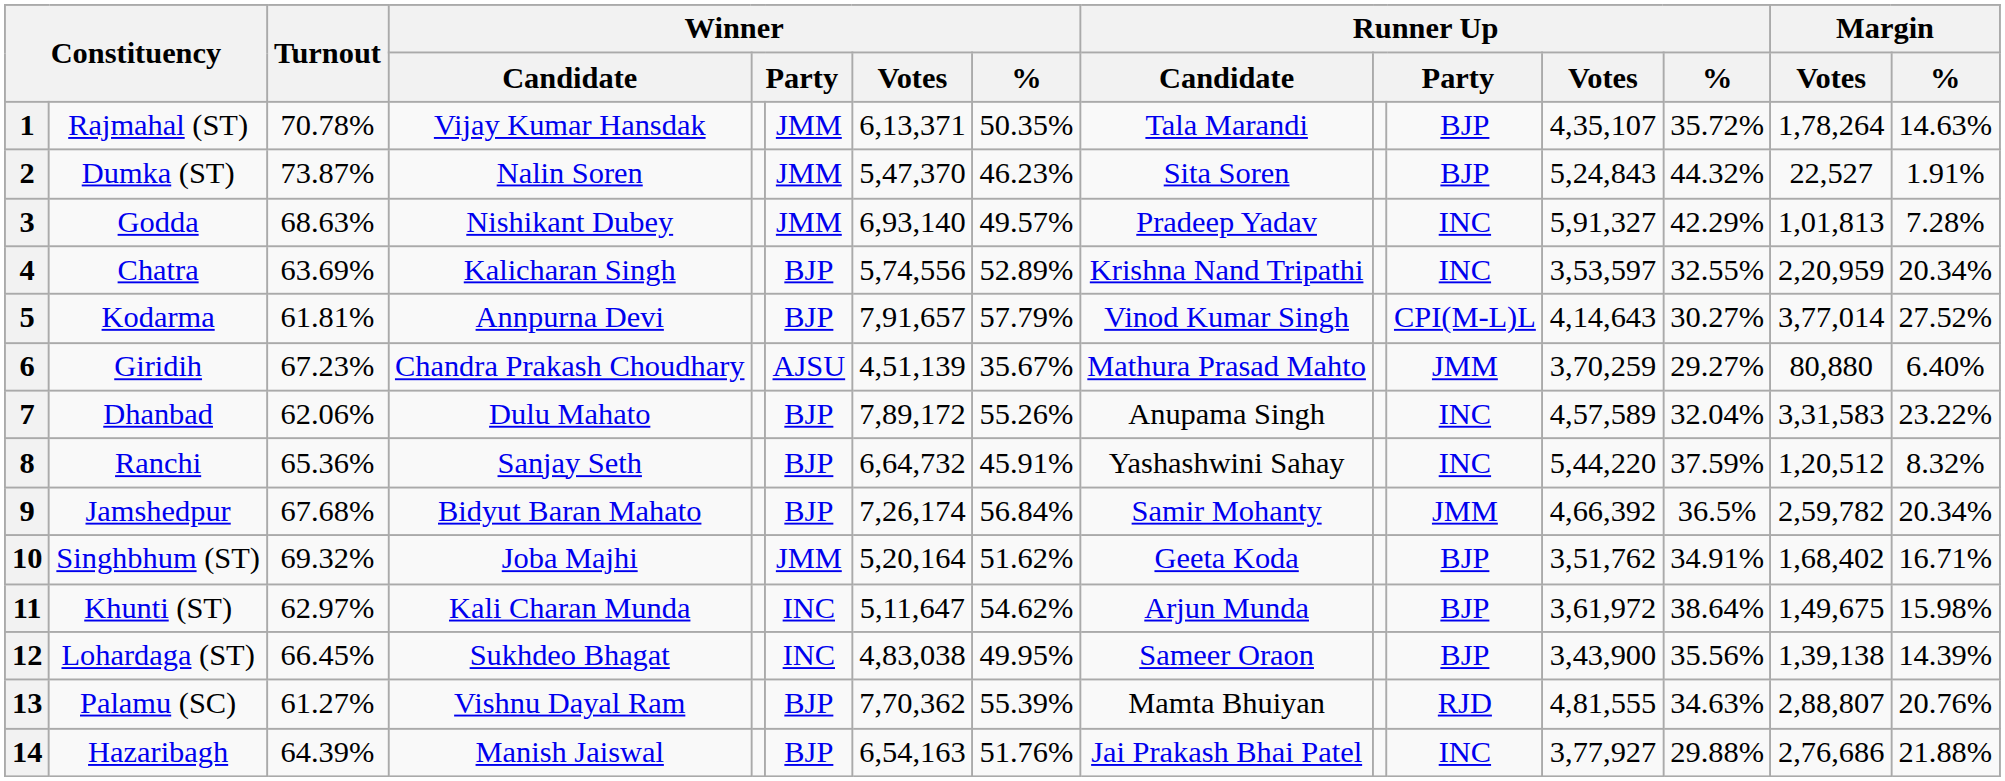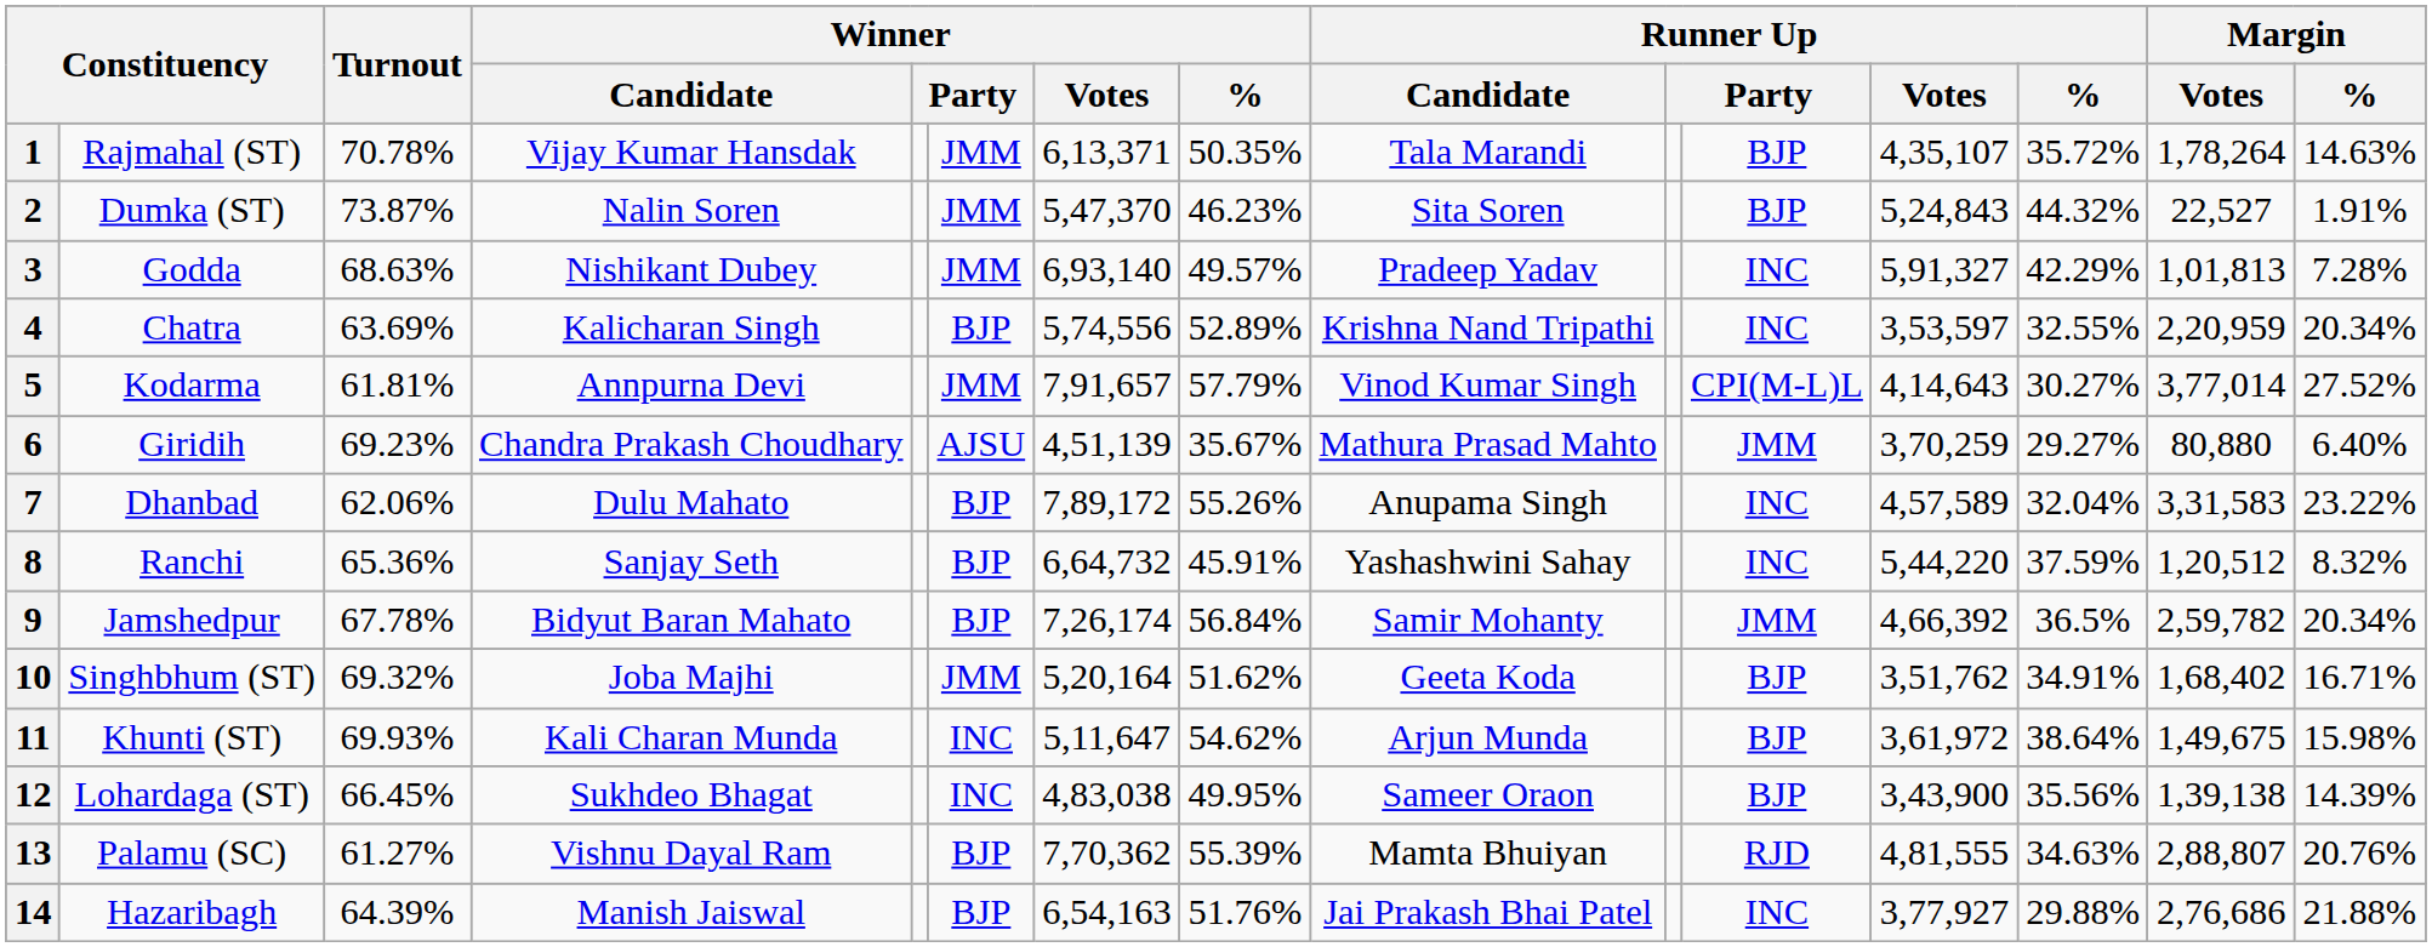 <table class="wikitable sortable" style="text-align:center;">
 <tr>
 <th colspan="2" rowspan="2">Constituency</th>
 <th rowspan="2">Turnout</th>
 <th colspan="5">Winner</th>
 <th colspan="5">Runner Up</th>
 <th colspan="2">Margin</th>
 </tr>
 <tr>
 <th>Candidate</th>
 <th colspan="2">Party</th>
 <th>Votes</th>
 <th>%</th>
 <th>Candidate</th>
 <th colspan="2">Party</th>
 <th>Votes</th>
 <th>%</th>
 <th>Votes</th>
 <th>%</th>
 </tr>
 <tr>
 <th>1</th>
 <td><a href='#'>Rajmahal</a> (ST)</td>
 <td>70.78% </td>
 <td><a href='#'>Vijay Kumar Hansdak</a></td>
 <td></td>
 <td><a href='#'>JMM</a></td>
 <td>6,13,371</td>
 <td>50.35%</td>
 <td><a href='#'>Tala Marandi</a></td>
 <td></td>
 <td><a href='#'>BJP</a></td>
 <td>4,35,107</td>
 <td>35.72%</td>
 <td style="background:">1,78,264</td>
 <td style="background:">14.63%</td>
 </tr>
 <tr>
 <th>2</th>
 <td><a href='#'>Dumka</a> (ST)</td>
 <td>73.87% </td>
 <td><a href='#'>Nalin Soren</a></td>
 <td></td>
 <td><a href='#'>JMM</a></td>
 <td>5,47,370</td>
 <td>46.23%</td>
 <td><a href='#'>Sita Soren</a></td>
 <td></td>
 <td><a href='#'>BJP</a></td>
 <td>5,24,843</td>
 <td>44.32%</td>
 <td style="background:">22,527</td>
 <td style="background:">1.91%</td>
 </tr>
 <tr>
 <th>3</th>
 <td><a href='#'>Godda</a></td>
 <td>68.63% </td>
 <td><a href='#'>Nishikant Dubey</a></td>
 <td></td>
 <td><a href='#'>JMM</a></td>
 <td>6,93,140</td>
 <td>49.57%</td>
 <td><a href='#'>Pradeep Yadav</a></td>
 <td></td>
 <td><a href='#'>INC</a></td>
 <td>5,91,327</td>
 <td>42.29%</td>
 <td style="background:">1,01,813</td>
 <td style="background:">7.28%</td>
 </tr>
 <tr>
 <th>4</th>
 <td><a href='#'>Chatra</a></td>
 <td>63.69%</td>
 <td><a href='#'>Kalicharan Singh</a></td>
 <td></td>
 <td><a href='#'>BJP</a></td>
 <td>5,74,556</td>
 <td>52.89%</td>
 <td><a href='#'>Krishna Nand Tripathi</a></td>
 <td></td>
 <td><a href='#'>INC</a></td>
 <td>3,53,597</td>
 <td>32.55%</td>
 <td style="background:">2,20,959</td>
 <td style="background:">20.34%</td>
 </tr>
 <tr>
 <th>5</th>
 <td><a href='#'>Kodarma</a></td>
 <td>61.81%</td>
 <td><a href='#'>Annpurna Devi</a></td>
 <td></td>
-<td><a href='#'>BJP</a></td>
+<td><a href='#'>JMM</a></td>
 <td>7,91,657</td>
 <td>57.79%</td>
 <td><a href='#'>Vinod Kumar Singh</a></td>
 <td></td>
 <td><a href='#'>CPI(M-L)L</a></td>
 <td>4,14,643</td>
 <td>30.27%</td>
 <td style="background:">3,77,014</td>
 <td style="background:">27.52%</td>
 </tr>
 <tr>
 <th>6</th>
 <td><a href='#'>Giridih</a></td>
-<td>67.23% </td>
+<td>69.23% </td>
 <td><a href='#'>Chandra Prakash Choudhary</a></td>
 <td></td>
 <td><a href='#'>AJSU</a></td>
 <td>4,51,139</td>
 <td>35.67%</td>
 <td><a href='#'>Mathura Prasad Mahto</a></td>
 <td></td>
 <td><a href='#'>JMM</a></td>
 <td>3,70,259</td>
 <td>29.27%</td>
 <td style="background:">80,880</td>
 <td style="background:">6.40%</td>
 </tr>
 <tr>
 <th>7</th>
 <td><a href='#'>Dhanbad</a></td>
 <td>62.06% </td>
 <td><a href='#'>Dulu Mahato</a></td>
 <td></td>
 <td><a href='#'>BJP</a></td>
 <td>7,89,172</td>
 <td>55.26%</td>
 <td>Anupama Singh</td>
 <td></td>
 <td><a href='#'>INC</a></td>
 <td>4,57,589</td>
 <td>32.04%</td>
 <td style="background:">3,31,583</td>
 <td style="background:">23.22%</td>
 </tr>
 <tr>
 <th>8</th>
 <td><a href='#'>Ranchi</a></td>
 <td>65.36% </td>
 <td><a href='#'>Sanjay Seth</a></td>
 <td></td>
 <td><a href='#'>BJP</a></td>
 <td>6,64,732</td>
 <td>45.91%</td>
 <td>Yashashwini Sahay</td>
 <td></td>
 <td><a href='#'>INC</a></td>
 <td>5,44,220</td>
 <td>37.59%</td>
 <td style="background:">1,20,512</td>
 <td style="background:">8.32%</td>
 </tr>
 <tr>
 <th>9</th>
 <td><a href='#'>Jamshedpur</a></td>
-<td>67.68% </td>
+<td>67.78% </td>
 <td><a href='#'>Bidyut Baran Mahato</a></td>
 <td></td>
 <td><a href='#'>BJP</a></td>
 <td>7,26,174</td>
 <td>56.84%</td>
 <td><a href='#'>Samir Mohanty</a></td>
 <td></td>
 <td><a href='#'>JMM</a></td>
 <td>4,66,392</td>
 <td>36.5%</td>
 <td style="background:">2,59,782</td>
 <td style="background:">20.34%</td>
 </tr>
 <tr>
 <th>10</th>
 <td><a href='#'>Singhbhum</a> (ST)</td>
 <td>69.32% </td>
 <td><a href='#'>Joba Majhi</a></td>
 <td></td>
 <td><a href='#'>JMM</a></td>
 <td>5,20,164</td>
 <td>51.62%</td>
 <td><a href='#'>Geeta Koda</a></td>
 <td></td>
 <td><a href='#'>BJP</a></td>
 <td>3,51,762</td>
 <td>34.91%</td>
 <td style="background:">1,68,402</td>
 <td style="background:">16.71%</td>
 </tr>
 <tr>
 <th>11</th>
 <td><a href='#'>Khunti</a> (ST)</td>
-<td>62.97% </td>
+<td>69.93% </td>
 <td><a href='#'>Kali Charan Munda</a></td>
 <td></td>
 <td><a href='#'>INC</a></td>
 <td>5,11,647</td>
 <td>54.62%</td>
 <td><a href='#'>Arjun Munda</a></td>
 <td></td>
 <td><a href='#'>BJP</a></td>
 <td>3,61,972</td>
 <td>38.64%</td>
 <td style="background:">1,49,675</td>
 <td style="background:">15.98%</td>
 </tr>
 <tr>
 <th>12</th>
 <td><a href='#'>Lohardaga</a> (ST)</td>
 <td>66.45% </td>
 <td><a href='#'>Sukhdeo Bhagat</a></td>
 <td></td>
 <td><a href='#'>INC</a></td>
 <td>4,83,038</td>
 <td>49.95%</td>
 <td><a href='#'>Sameer Oraon</a></td>
 <td></td>
 <td><a href='#'>BJP</a></td>
 <td>3,43,900</td>
 <td>35.56%</td>
 <td style="background:">1,39,138</td>
 <td style="background:">14.39%</td>
 </tr>
 <tr>
 <th>13</th>
 <td><a href='#'>Palamu</a> (SC)</td>
 <td>61.27% </td>
 <td><a href='#'>Vishnu Dayal Ram</a></td>
 <td></td>
 <td><a href='#'>BJP</a></td>
 <td>7,70,362</td>
 <td>55.39%</td>
 <td>Mamta Bhuiyan</td>
 <td></td>
 <td><a href='#'>RJD</a></td>
 <td>4,81,555</td>
 <td>34.63%</td>
 <td style="background:">2,88,807</td>
 <td style="background:">20.76%</td>
 </tr>
 <tr>
 <th>14</th>
 <td><a href='#'>Hazaribagh</a></td>
 <td>64.39% </td>
 <td><a href='#'>Manish Jaiswal</a></td>
 <td></td>
 <td><a href='#'>BJP</a></td>
 <td>6,54,163</td>
 <td>51.76%</td>
 <td><a href='#'>Jai Prakash Bhai Patel</a></td>
 <td></td>
 <td><a href='#'>INC</a></td>
 <td>3,77,927</td>
 <td>29.88%</td>
 <td style="background:">2,76,686</td>
 <td style="background:">21.88%</td>
 </tr>
 </table>
